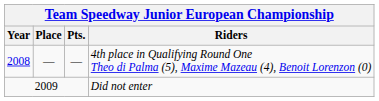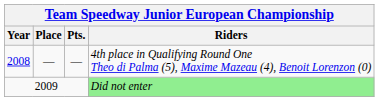 <table class=wikitable style="font-size: 90%;">
 <tr>
 <th colspan=4><big><a href='#'>Team Speedway Junior European Championship</a></big></th>
 </tr>
 <tr>
 <th>Year</th>
 <th>Place</th>
 <th>Pts.</th>
 <th>Riders</th>
 </tr>
 <tr align=center >
 <td><a href='#'>2008</a></td>
 <td>—</td>
 <td>—</td>
 <td align=left><em>4th place in  Qualifying Round One <br> <a href='#'>Theo di Palma</a> (5), <a href='#'>Maxime Mazeau</a> (4), <a href='#'>Benoit Lorenzon</a> (0)</em></td>
 </tr>
 <tr align=center >
 <td colspan=3>2009</td>
-<td align=left><em>Did not enter</em></td>
+<td align=left style="background: lightgreen;"><em>Did not enter</em></td>
 </tr>
 </table>
